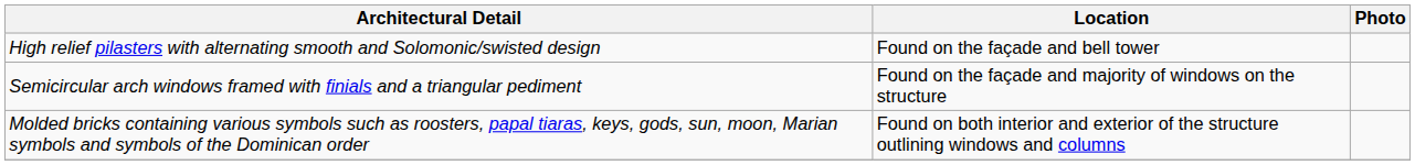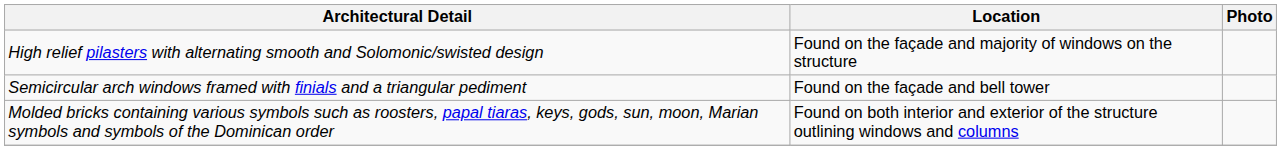 <table class="wikitable">
 <tr>
 <th>Architectural Detail</th>
 <th>Location</th>
 <th>Photo</th>
 </tr>
 <tr>
 <td><em>High relief <a href='#'>pilasters</a> with alternating smooth and Solomonic/swisted design</em></td>
-<td>Found on the façade and bell tower</td>
+<td>Found on the façade and majority of windows on the structure</td>
 <td></td>
 </tr>
 <tr>
 <td><em>Semicircular arch windows framed with <a href='#'>finials</a> and a triangular pediment</em></td>
-<td>Found on the façade and majority of windows on the structure</td>
+<td>Found on the façade and bell tower</td>
 <td></td>
 </tr>
 <tr>
 <td><em>Molded bricks containing various symbols such as roosters, <a href='#'>papal tiaras</a>, keys, gods, sun, moon, Marian symbols and symbols of the Dominican order</em></td>
 <td>Found on both interior and exterior of the structure outlining windows and <a href='#'>columns</a></td>
 <td></td>
 </tr>
 <tr>
 </tr>
 </table>
